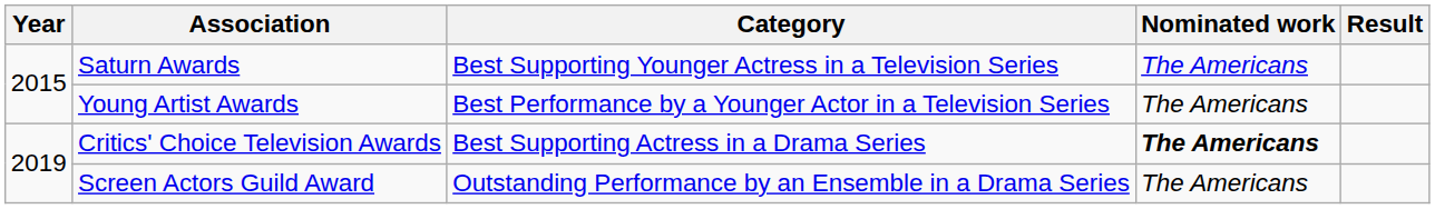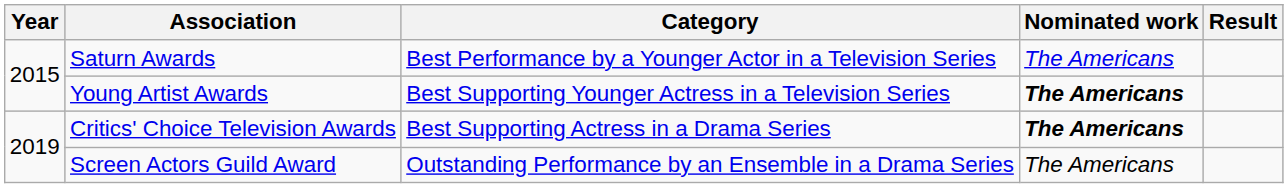 <table class="wikitable sortable">
 <tr>
 <th>Year</th>
 <th>Association</th>
 <th>Category</th>
 <th>Nominated work</th>
 <th>Result</th>
 </tr>
 <tr>
 <td rowspan="2">2015</td>
 <td><a href='#'>Saturn Awards</a></td>
-<td><a href='#'>Best Supporting Younger Actress in a Television Series</a></td>
+<td><a href='#'>Best Performance by a Younger Actor in a Television Series</a></td>
 <td><em><a href='#'>The Americans</a></em></td>
 <td></td>
 </tr>
 <tr>
 <td><a href='#'>Young Artist Awards</a></td>
-<td><a href='#'>Best Performance by a Younger Actor in a Television Series</a></td>
-<td><em>The Americans</em></td>
+<td><a href='#'>Best Supporting Younger Actress in a Television Series</a></td>
+<td><strong><em>The Americans</em></strong></td>
 <td></td>
 </tr>
 <tr>
 <td rowspan="2">2019</td>
 <td><a href='#'>Critics' Choice Television Awards</a></td>
 <td><a href='#'>Best Supporting Actress in a Drama Series</a></td>
 <td><strong><em>The Americans</em></strong></td>
 <td></td>
 </tr>
 <tr>
 <td><a href='#'>Screen Actors Guild Award</a></td>
 <td><a href='#'>Outstanding Performance by an Ensemble in a Drama Series</a></td>
 <td><em>The Americans</em></td>
 <td></td>
 </tr>
 </table>
